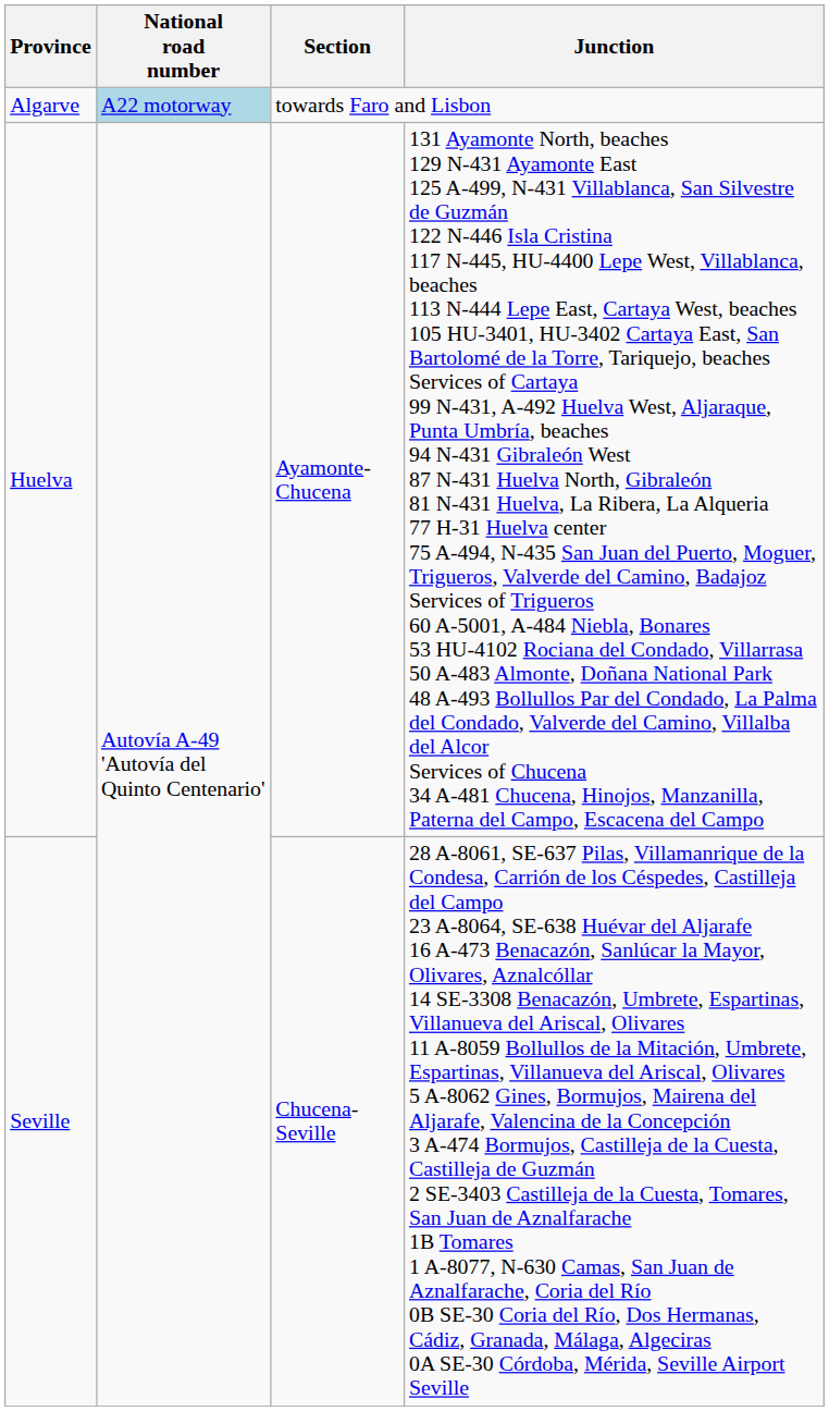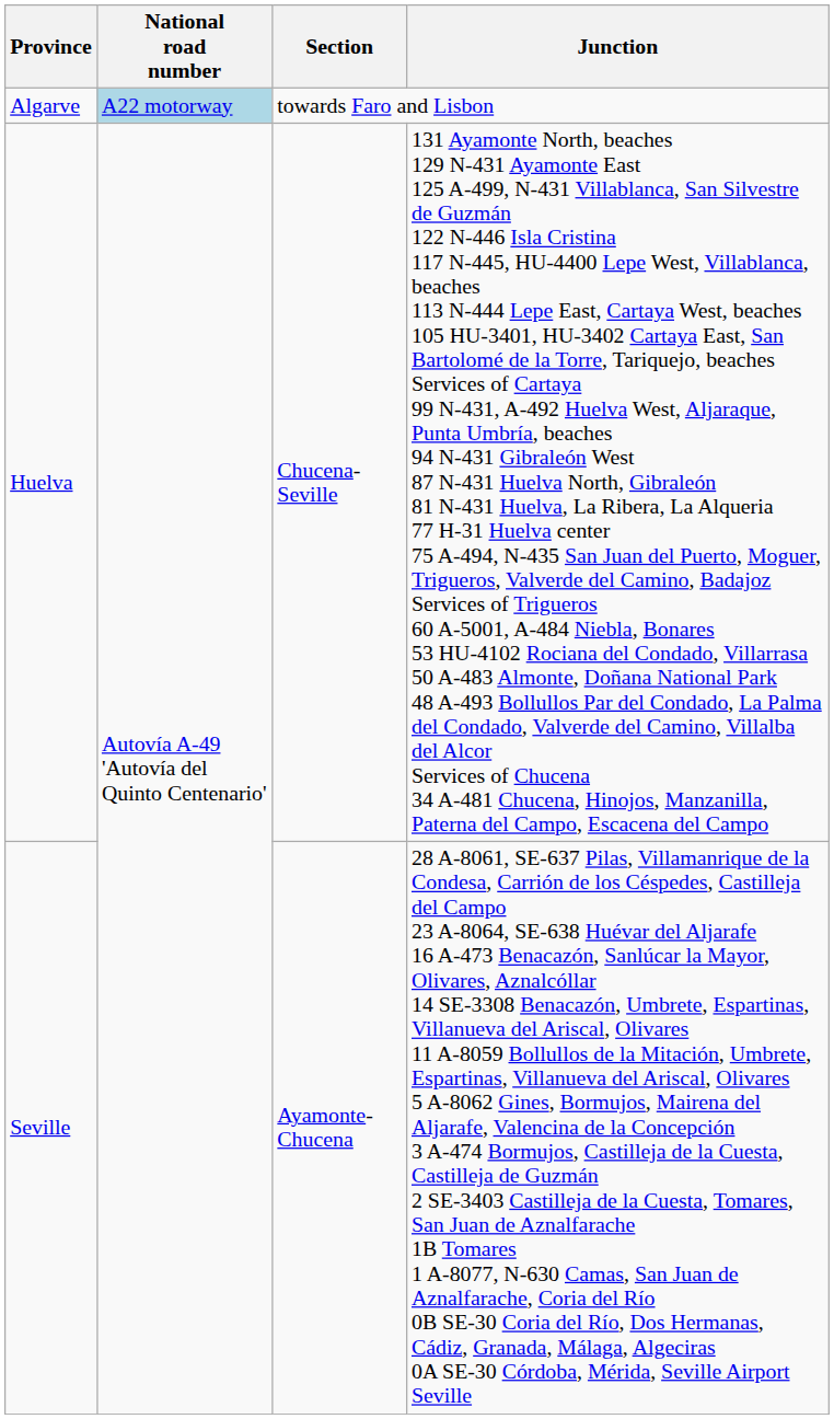 <table class="wikitable">
 <tr>
 <th>Province</th>
 <th>National<br>road<br>number</th>
 <th>Section</th>
 <th>Junction</th>
 </tr>
 <tr>
 <td><a href='#'>Algarve</a></td>
 <td style="background: lightblue;"> <a href='#'>A22 motorway</a></td>
 <td colspan="2"> towards <a href='#'>Faro</a> and <a href='#'>Lisbon</a></td>
 </tr>
 <tr>
 <td><a href='#'>Huelva</a></td>
 <td rowspan="2"> <a href='#'>Autovía A-49</a><br>'Autovía del Quinto Centenario'</td>
-<td><a href='#'>Ayamonte</a>-<a href='#'>Chucena</a></td>
+<td><a href='#'>Chucena</a>-<a href='#'>Seville</a></td>
 <td> 131 <a href='#'>Ayamonte</a> North, beaches<br> 129 N-431 <a href='#'>Ayamonte</a> East<br> 125 A-499, N-431 <a href='#'>Villablanca</a>, <a href='#'>San Silvestre de Guzmán</a><br> 122 N-446 <a href='#'>Isla Cristina</a><br> 117 N-445, HU-4400 <a href='#'>Lepe</a> West, <a href='#'>Villablanca</a>, beaches<br> 113 N-444 <a href='#'>Lepe</a> East, <a href='#'>Cartaya</a> West, beaches<br> 105 HU-3401, HU-3402 <a href='#'>Cartaya</a> East, <a href='#'>San Bartolomé de la Torre</a>, Tariquejo, beaches<br> Services of <a href='#'>Cartaya</a><br> 99 N-431, A-492 <a href='#'>Huelva</a> West, <a href='#'>Aljaraque</a>, <a href='#'>Punta Umbría</a>, beaches<br> 94 N-431 <a href='#'>Gibraleón</a> West<br> 87 N-431 <a href='#'>Huelva</a> North, <a href='#'>Gibraleón</a><br> 81 N-431 <a href='#'>Huelva</a>, La Ribera, La Alqueria<br> 77 H-31 <a href='#'>Huelva</a> center<br> 75 A-494, N-435 <a href='#'>San Juan del Puerto</a>, <a href='#'>Moguer</a>, <a href='#'>Trigueros</a>, <a href='#'>Valverde del Camino</a>, <a href='#'>Badajoz</a><br> Services of <a href='#'>Trigueros</a><br> 60 A-5001, A-484 <a href='#'>Niebla</a>, <a href='#'>Bonares</a><br> 53 HU-4102 <a href='#'>Rociana del Condado</a>, <a href='#'>Villarrasa</a><br> 50 A-483 <a href='#'>Almonte</a>, <a href='#'>Doñana National Park</a><br> 48 A-493 <a href='#'>Bollullos Par del Condado</a>, <a href='#'>La Palma del Condado</a>, <a href='#'>Valverde del Camino</a>, <a href='#'>Villalba del Alcor</a><br> Services of <a href='#'>Chucena</a><br> 34 A-481 <a href='#'>Chucena</a>, <a href='#'>Hinojos</a>, <a href='#'>Manzanilla</a>, <a href='#'>Paterna del Campo</a>, <a href='#'>Escacena del Campo</a></td>
 </tr>
 <tr>
 <td><a href='#'>Seville</a></td>
-<td><a href='#'>Chucena</a>-<a href='#'>Seville</a></td>
+<td><a href='#'>Ayamonte</a>-<a href='#'>Chucena</a></td>
 <td> 28 A-8061, SE-637 <a href='#'>Pilas</a>, <a href='#'>Villamanrique de la Condesa</a>, <a href='#'>Carrión de los Céspedes</a>, <a href='#'>Castilleja del Campo</a><br> 23 A-8064, SE-638 <a href='#'>Huévar del Aljarafe</a><br> 16 A-473 <a href='#'>Benacazón</a>, <a href='#'>Sanlúcar la Mayor</a>, <a href='#'>Olivares</a>, <a href='#'>Aznalcóllar</a><br> 14 SE-3308 <a href='#'>Benacazón</a>, <a href='#'>Umbrete</a>, <a href='#'>Espartinas</a>, <a href='#'>Villanueva del Ariscal</a>, <a href='#'>Olivares</a><br> 11 A-8059 <a href='#'>Bollullos de la Mitación</a>, <a href='#'>Umbrete</a>, <a href='#'>Espartinas</a>, <a href='#'>Villanueva del Ariscal</a>, <a href='#'>Olivares</a><br> 5 A-8062 <a href='#'>Gines</a>, <a href='#'>Bormujos</a>, <a href='#'>Mairena del Aljarafe</a>, <a href='#'>Valencina de la Concepción</a><br> 3 A-474 <a href='#'>Bormujos</a>, <a href='#'>Castilleja de la Cuesta</a>, <a href='#'>Castilleja de Guzmán</a><br> 2 SE-3403 <a href='#'>Castilleja de la Cuesta</a>, <a href='#'>Tomares</a>, <a href='#'>San Juan de Aznalfarache</a><br> 1B <a href='#'>Tomares</a><br> 1 A-8077, N-630 <a href='#'>Camas</a>, <a href='#'>San Juan de Aznalfarache</a>, <a href='#'>Coria del Río</a><br> 0B SE-30 <a href='#'>Coria del Río</a>, <a href='#'>Dos Hermanas</a>, <a href='#'>Cádiz</a>, <a href='#'>Granada</a>, <a href='#'>Málaga</a>, <a href='#'>Algeciras</a><br> 0A SE-30 <a href='#'>Córdoba</a>, <a href='#'>Mérida</a>, <a href='#'>Seville Airport</a><br> <a href='#'>Seville</a></td>
 </tr>
 </table>
